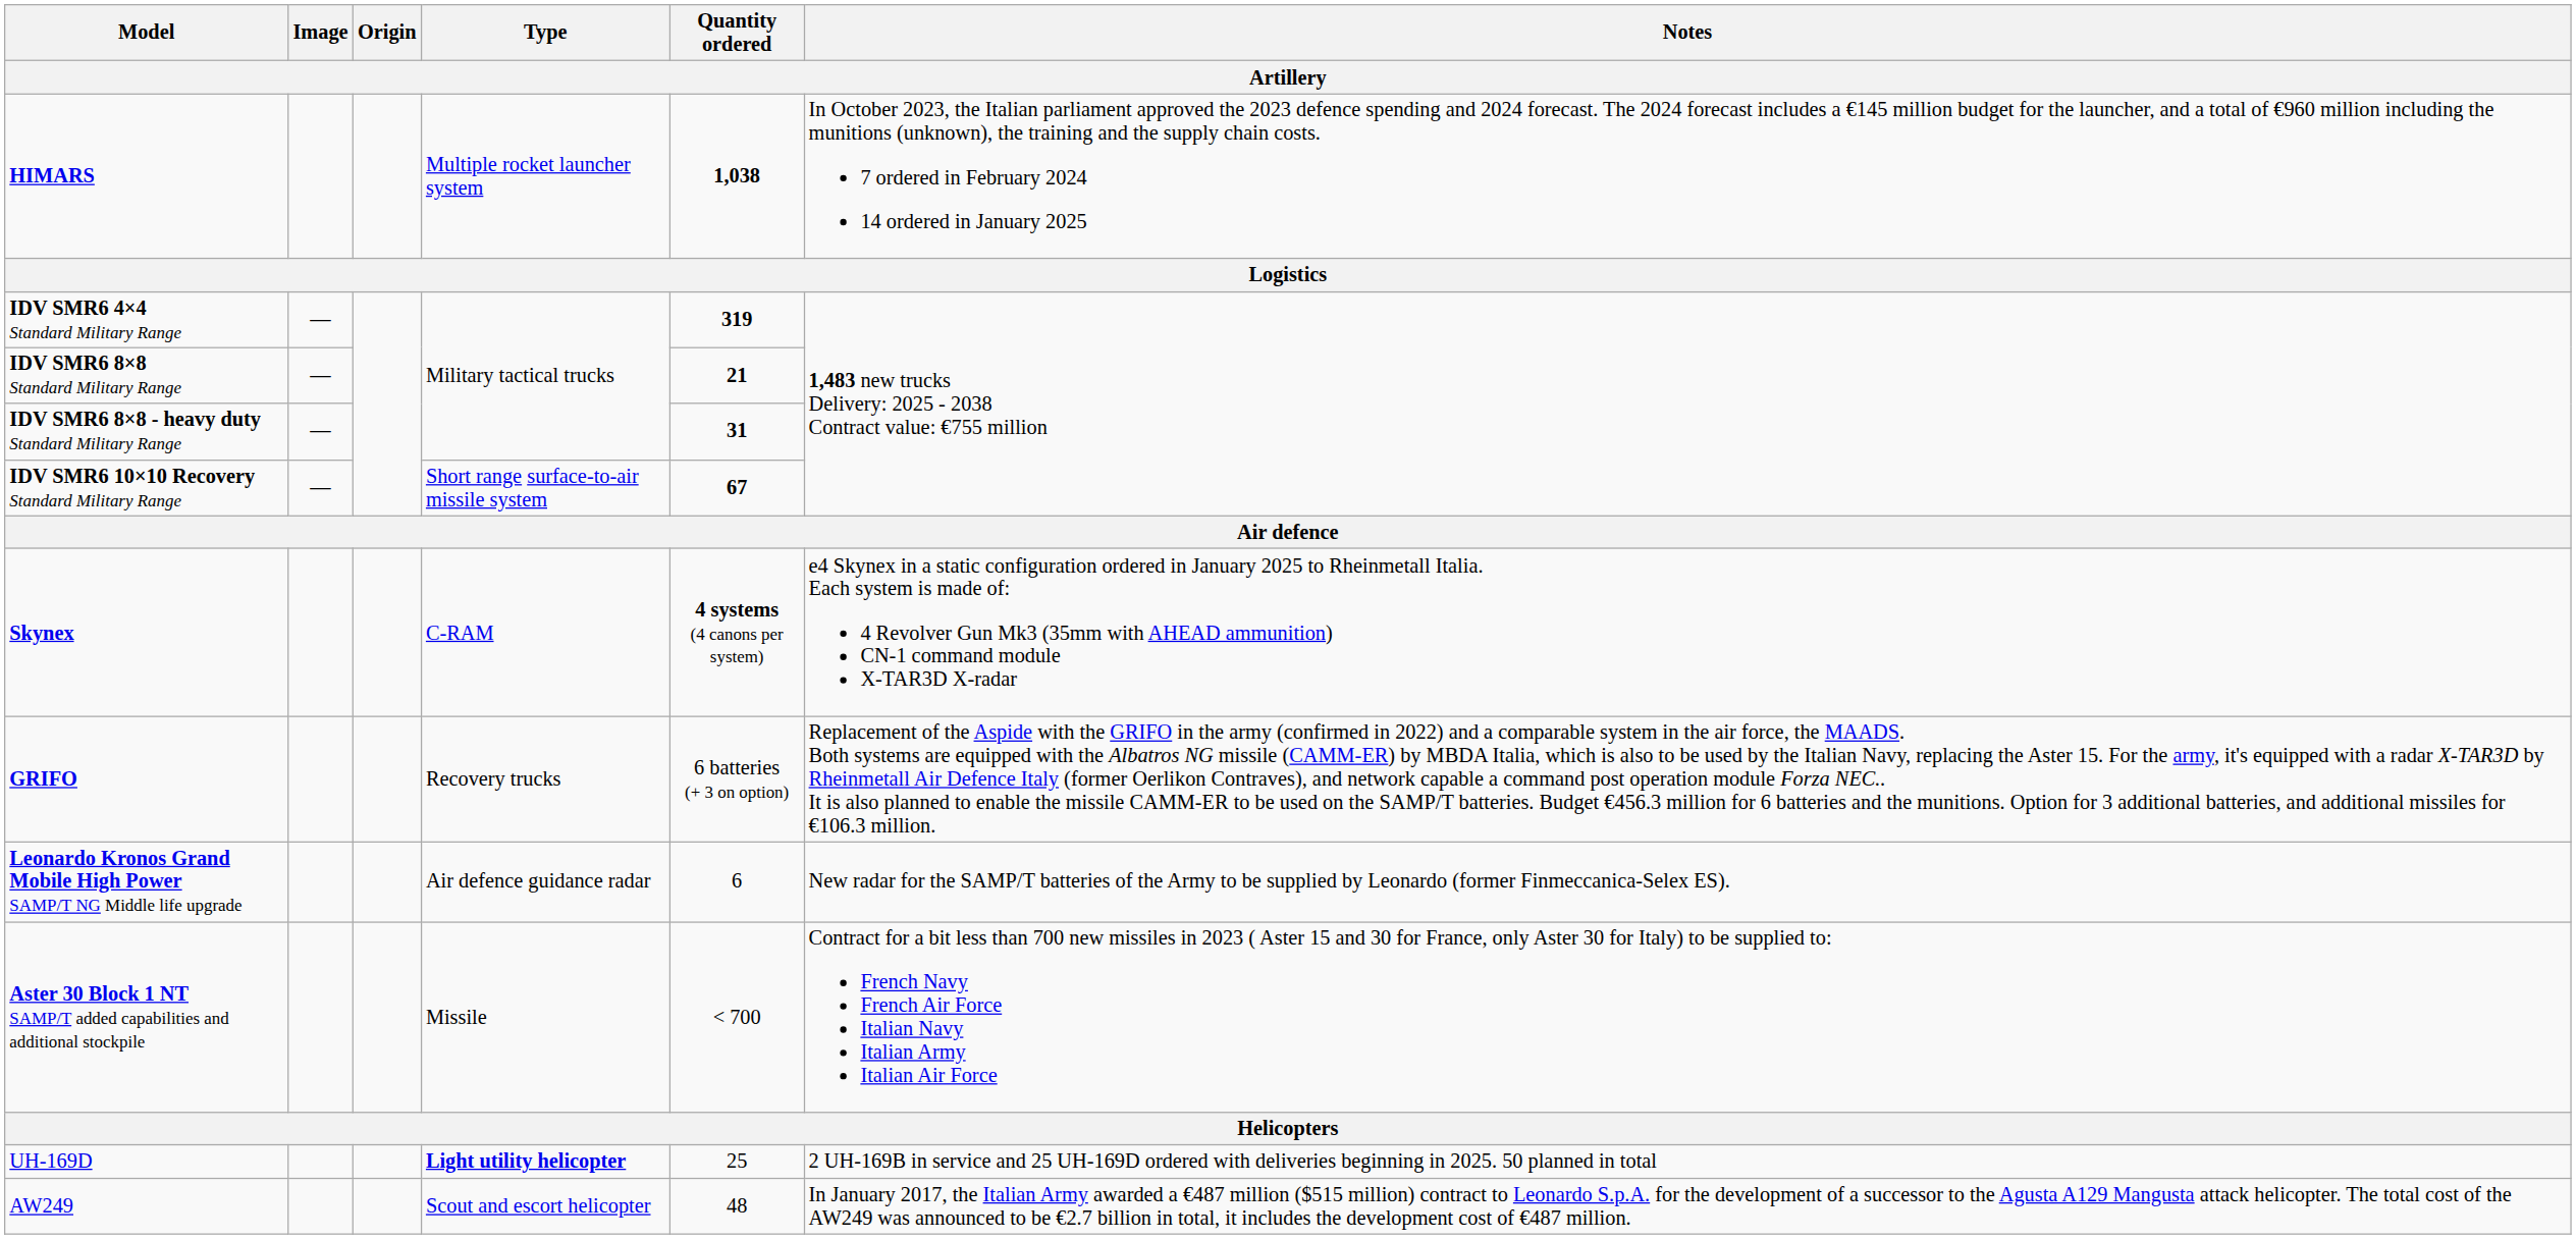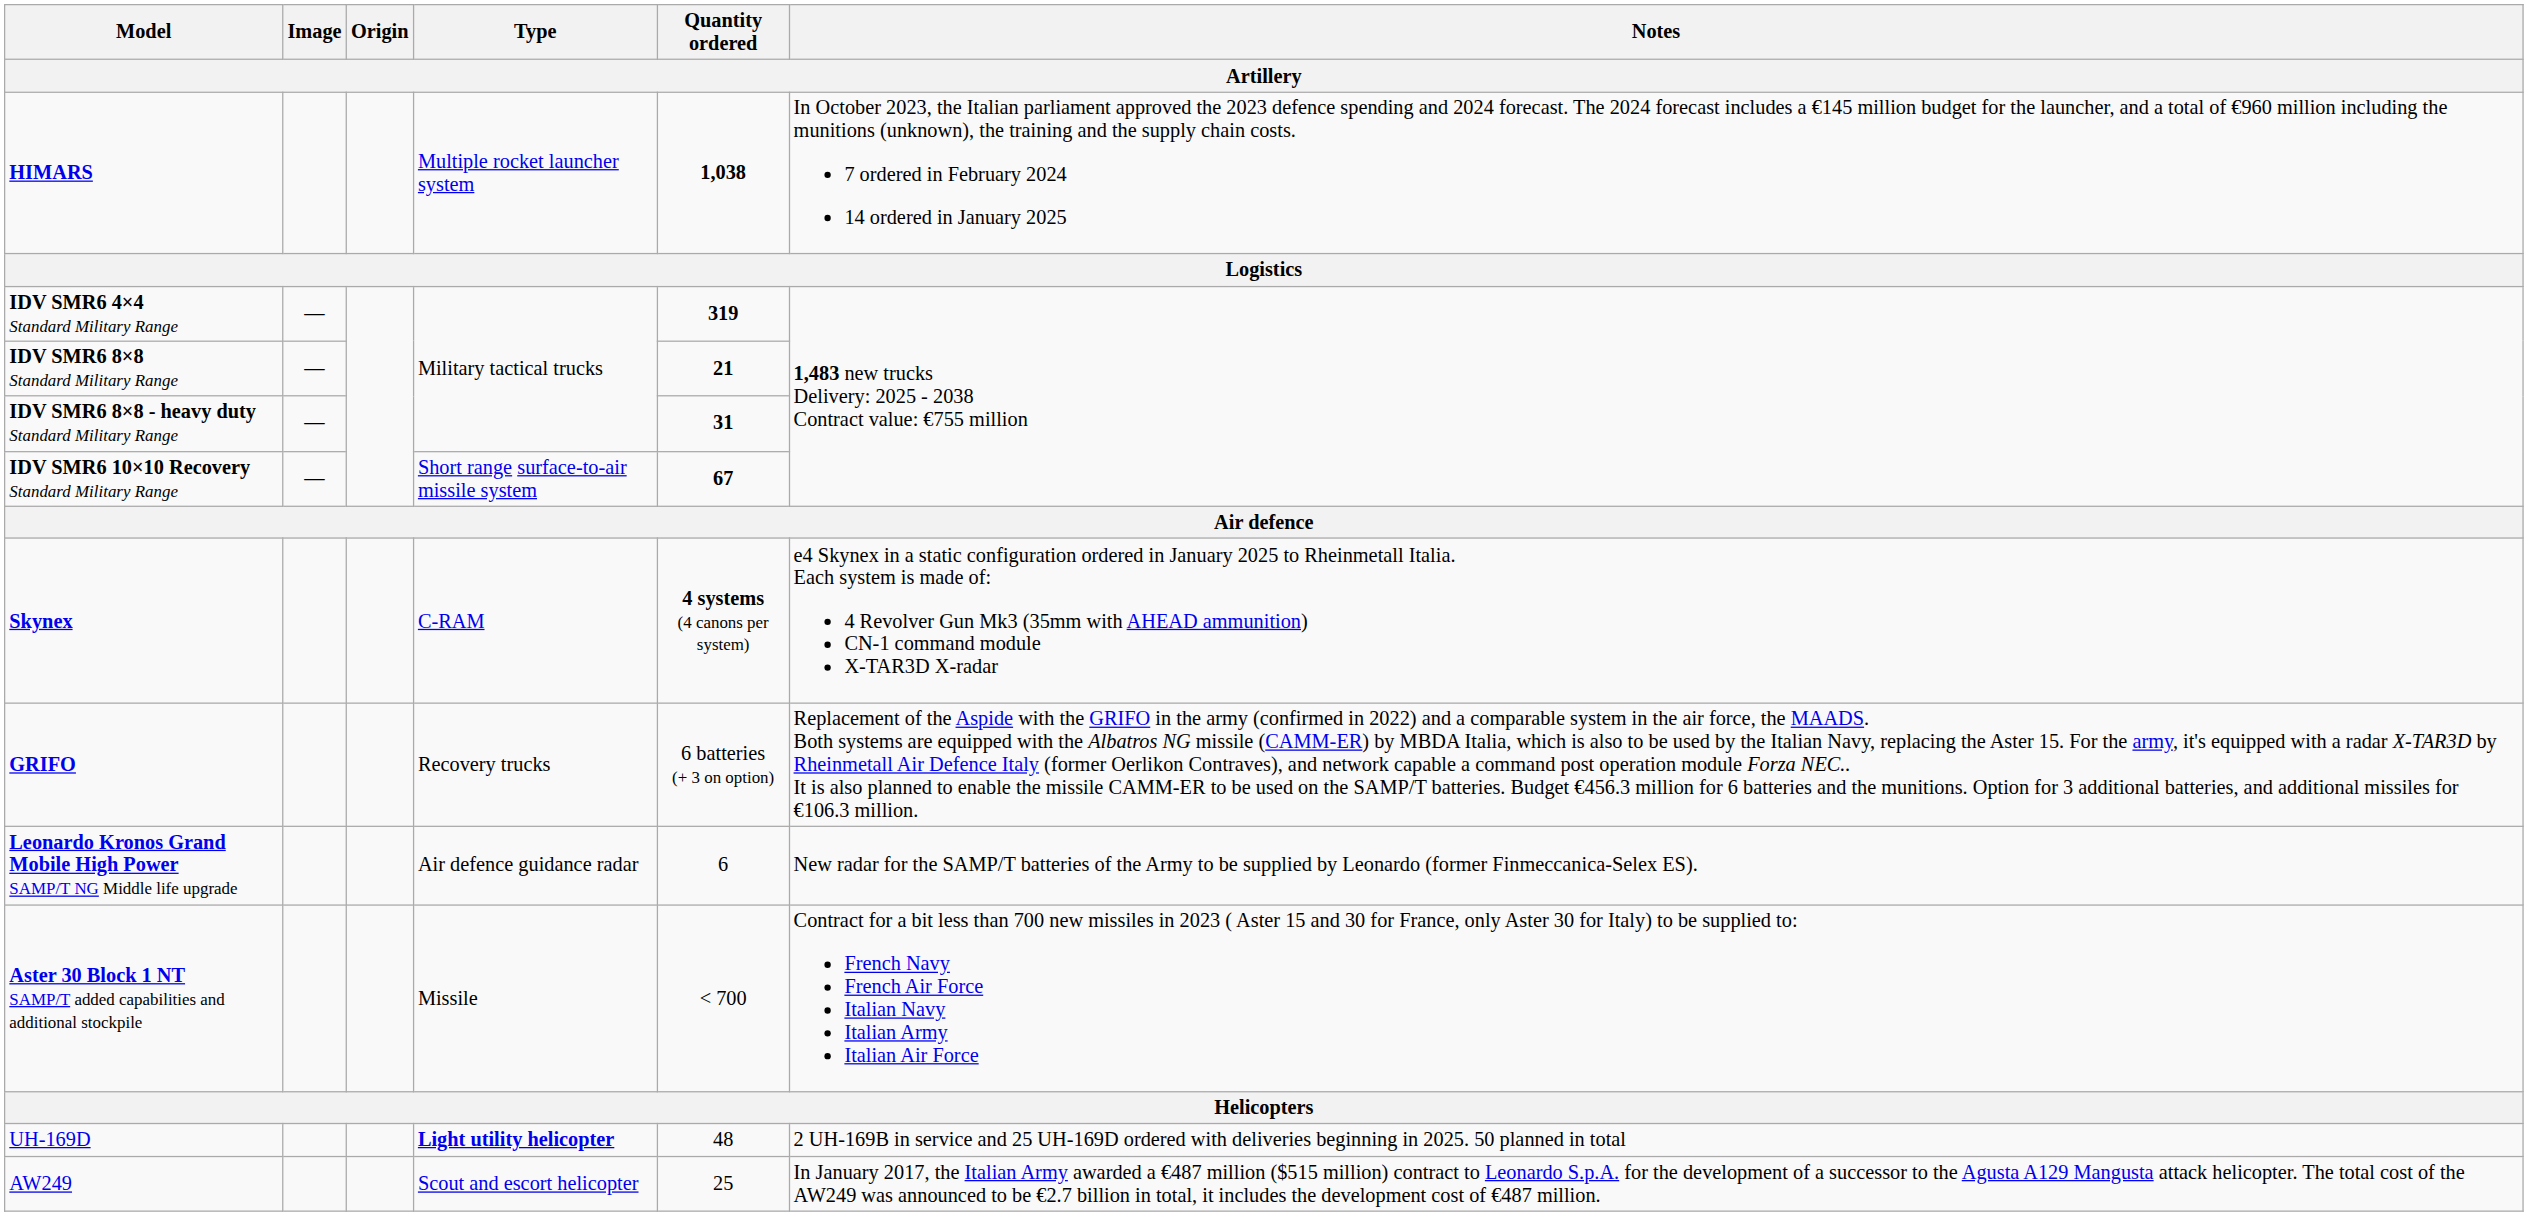 <table class="wikitable" style="width:100%;">
 <tr>
 <th>Model</th>
 <th>Image</th>
 <th>Origin</th>
 <th>Type</th>
 <th>Quantity ordered</th>
 <th>Notes</th>
 </tr>
 <tr>
 <th colspan="6">Artillery</th>
 </tr>
 <tr>
 <td><a href='#'><strong>HIMARS</strong></a></td>
 <td></td>
 <td><small></small></td>
 <td><a href='#'>Multiple rocket launcher system</a></td>
 <td style="text-align: center;"><strong>1,038</strong></td>
 <td>In October 2023, the Italian parliament approved the 2023 defence spending and 2024 forecast. The 2024 forecast includes a €145 million budget for the launcher, and a total of €960 million including the munitions (unknown), the training and the supply chain costs.<br><ul><li>7 ordered in February 2024</li></ul><ul><li>14 ordered in January 2025</li></ul></td>
 </tr>
 <tr>
 <th colspan="6">Logistics</th>
 </tr>
 <tr>
 <td><strong>IDV SMR6 4×4</strong><br><small><em>Standard Military Range</em></small></td>
 <td style="text-align: center;">—</td>
 <td rowspan="4"><small></small></td>
 <td rowspan="3">Military tactical trucks</td>
 <td style="text-align: center;"><strong>319</strong></td>
 <td rowspan="4"><strong>1,483</strong> new trucks<br>Delivery: 2025 - 2038<br>Contract value: €755 million</td>
 </tr>
 <tr>
 <td><strong>IDV SMR6 8×8</strong><br><small><em>Standard Military Range</em></small></td>
 <td style="text-align: center;">—</td>
 <td style="text-align: center"><strong>21</strong></td>
 </tr>
 <tr>
 <td><strong>IDV SMR6 8×8 - heavy duty</strong><br><small><em>Standard Military Range</em></small></td>
 <td style="text-align: center;">—</td>
 <td style="text-align: center;"><strong>31</strong></td>
 </tr>
 <tr>
 <td><strong>IDV SMR6 10×10 Recovery</strong><br><small><em>Standard Military Range</em></small></td>
 <td style="text-align: center;">—</td>
 <td><a href='#'>Short range</a> <a href='#'>surface-to-air missile system</a></td>
 <td style="text-align: center;"><strong>67</strong></td>
 </tr>
 <tr>
 <th colspan="6">Air defence</th>
 </tr>
 <tr>
 <td><strong><a href='#'>Skynex</a></strong></td>
 <td></td>
 <td><small></small><br><small></small></td>
 <td><a href='#'>C-RAM</a></td>
 <td style="text-align: center;"><strong>4 systems</strong><br><small>(4 canons per system)</small></td>
 <td>e4 Skynex in a static configuration ordered in January 2025 to Rheinmetall Italia.<br>Each system is made of:<ul><li>4 Revolver Gun Mk3 (35mm with <a href='#'>AHEAD ammunition</a>)</li><li>CN-1 command module</li><li>X-TAR3D X-radar</li></ul></td>
 </tr>
 <tr>
 <td><a href='#'><strong>GRIFO</strong></a></td>
 <td></td>
 <td><small></small><br><small></small></td>
 <td>Recovery trucks</td>
 <td style="text-align: center;">6 batteries<br><small>(+ 3 on option)</small></td>
 <td>Replacement of the <a href='#'>Aspide</a> with the <a href='#'>GRIFO</a> in the army (confirmed in 2022) and a comparable system in the air force, the <a href='#'>MAADS</a>.<br>Both systems are equipped with the <em>Albatros NG</em> missile (<a href='#'>CAMM-ER</a>) by MBDA Italia, which is also to be used by the Italian Navy, replacing the Aster 15.  For the <a href='#'>army</a>, it's equipped with a radar <em>X-TAR3D</em> by <a href='#'>Rheinmetall Air Defence Italy</a> (former Oerlikon Contraves), and network capable a command post operation module <em>Forza NEC..</em><br>It is also planned to enable the missile CAMM-ER to be used on the SAMP/T batteries. Budget €456.3 million for 6 batteries and the munitions. Option for 3 additional batteries, and additional missiles for €106.3 million.</td>
 </tr>
 <tr>
 <td><a href='#'><strong>Leonardo Kronos Grand Mobile High Power</strong></a><br><small><a href='#'>SAMP/T NG</a> Middle life upgrade</small></td>
 <td></td>
 <td><small></small></td>
 <td>Air defence guidance radar</td>
 <td style="text-align: center;">6</td>
 <td>New radar for the SAMP/T batteries of the Army to be supplied by Leonardo (former Finmeccanica-Selex ES).</td>
 </tr>
 <tr>
 <td><a href='#'><strong>Aster 30 Block 1 NT</strong></a><br><small><a href='#'>SAMP/T</a> added capabilities and additional stockpile</small></td>
 <td></td>
 <td><small></small><br><small></small></td>
 <td>Missile</td>
 <td style="text-align: center;">< 700</td>
 <td>Contract for a bit less than 700 new missiles in 2023 ( Aster 15 and 30 for France, only Aster 30 for Italy) to be supplied to:<br><ul><li><a href='#'>French Navy</a></li><li><a href='#'>French Air Force</a></li><li><a href='#'>Italian Navy</a></li><li><a href='#'>Italian Army</a></li><li><a href='#'>Italian Air Force</a></li></ul></td>
 </tr>
 <tr>
 <th colspan="6">Helicopters</th>
 </tr>
 <tr>
 <td><a href='#'>UH-169D</a></td>
 <td></td>
 <td><small></small></td>
 <td><strong><a href='#'>Light utility helicopter</a></strong></td>
-<td style="text-align: center;">25</td>
+<td style="text-align: center;">48</td>
 <td>2 UH-169B in service and 25 UH-169D ordered with deliveries beginning in 2025. 50 planned in total </td>
 </tr>
 <tr>
 <td><a href='#'>AW249</a></td>
 <td></td>
 <td><small></small></td>
 <td><a href='#'>Scout and escort helicopter</a></td>
-<td style="text-align: center;">48</td>
+<td style="text-align: center;">25</td>
 <td>In January 2017, the <a href='#'>Italian Army</a> awarded a €487 million ($515 million) contract to <a href='#'>Leonardo S.p.A.</a> for the development of a successor to the <a href='#'>Agusta A129 Mangusta</a> attack helicopter. The total cost of the AW249 was announced to be €2.7 billion in total, it includes the development cost of €487 million.</td>
 </tr>
 </table>
